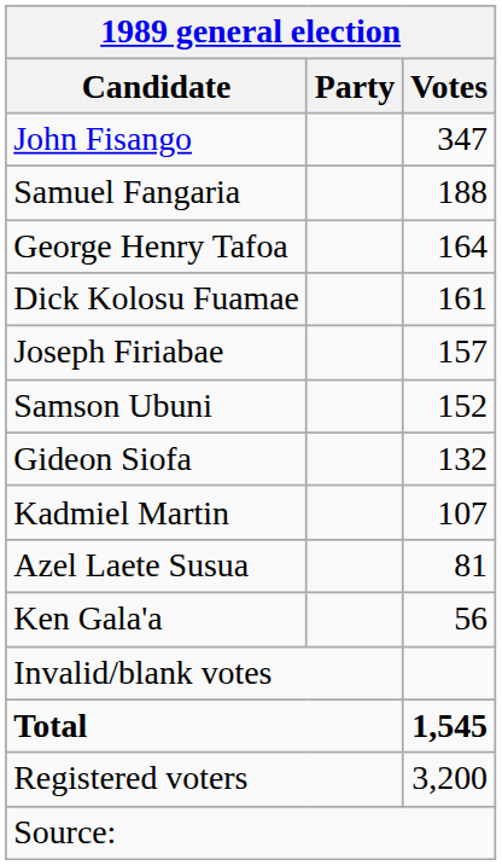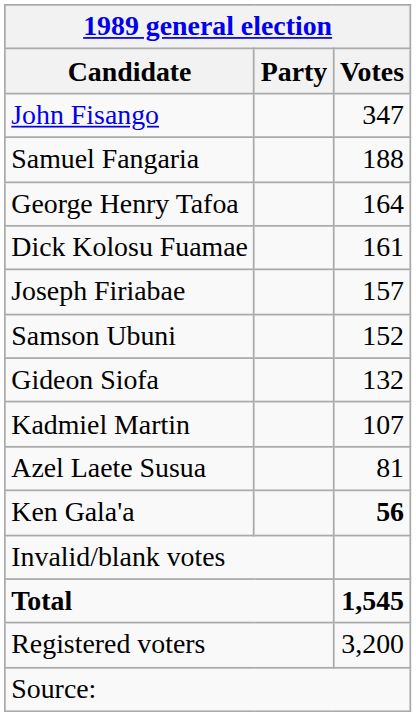 <table class=wikitable style=text-align:left>
 <tr>
 <th colspan=3><a href='#'>1989 general election</a></th>
 </tr>
 <tr>
 <th>Candidate</th>
 <th>Party</th>
 <th>Votes</th>
 </tr>
 <tr>
 <td><a href='#'>John Fisango</a></td>
 <td></td>
 <td align=right>347</td>
 </tr>
 <tr>
 <td>Samuel Fangaria</td>
 <td></td>
 <td align=right>188</td>
 </tr>
 <tr>
 <td>George Henry Tafoa</td>
 <td></td>
 <td align=right>164</td>
 </tr>
 <tr>
 <td>Dick Kolosu Fuamae</td>
 <td></td>
 <td align=right>161</td>
 </tr>
 <tr>
 <td>Joseph Firiabae</td>
 <td></td>
 <td align=right>157</td>
 </tr>
 <tr>
 <td>Samson Ubuni</td>
 <td></td>
 <td align=right>152</td>
 </tr>
 <tr>
 <td>Gideon Siofa</td>
 <td></td>
 <td align=right>132</td>
 </tr>
 <tr>
 <td>Kadmiel Martin</td>
 <td></td>
 <td align=right>107</td>
 </tr>
 <tr>
 <td>Azel Laete Susua</td>
 <td></td>
 <td align=right>81</td>
 </tr>
 <tr>
 <td>Ken Gala'a</td>
 <td></td>
-<td align=right>56</td>
+<td align=right><strong>56</strong></td>
 </tr>
 <tr>
 <td colspan=2>Invalid/blank votes</td>
 <td></td>
 </tr>
 <tr>
 <td colspan=2><strong>Total</strong></td>
 <td align=right><strong>1,545</strong></td>
 </tr>
 <tr>
 <td colspan=2>Registered voters</td>
 <td align=right>3,200</td>
 </tr>
 <tr>
 <td colspan=3>Source: </td>
 </tr>
 </table>
